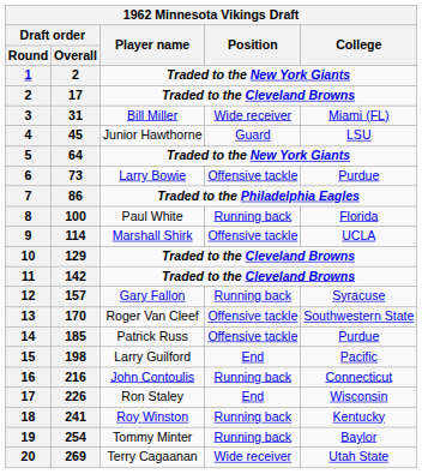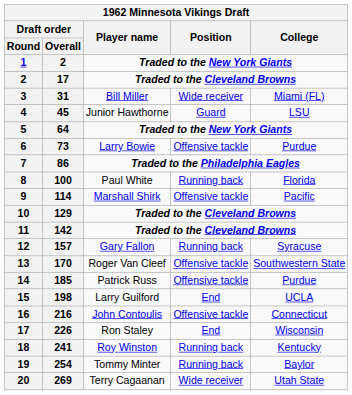 <table class="wikitable" style="text-align:center">
 <tr>
 <th colspan="5">1962 Minnesota Vikings Draft</th>
 </tr>
 <tr>
 <th colspan="2">Draft order</th>
 <th rowspan="2">Player name</th>
 <th rowspan="2">Position</th>
 <th rowspan="2">College</th>
 </tr>
 <tr>
 <th>Round</th>
 <th>Overall</th>
 </tr>
 <tr>
 <th><a href='#'>1</a></th>
 <th>2</th>
 <td colspan="3"><strong><em>Traded to the <a href='#'>New York Giants</a></em></strong></td>
 </tr>
 <tr>
 <th>2</th>
 <th>17</th>
 <td colspan="3"><strong><em>Traded to the <a href='#'>Cleveland Browns</a></em></strong></td>
 </tr>
 <tr>
 <th>3</th>
 <th>31</th>
 <td><a href='#'>Bill Miller</a></td>
 <td><a href='#'>Wide receiver</a></td>
 <td><a href='#'>Miami (FL)</a></td>
 </tr>
 <tr>
 <th>4</th>
 <th>45</th>
 <td>Junior Hawthorne</td>
 <td><a href='#'>Guard</a></td>
 <td><a href='#'>LSU</a></td>
 </tr>
 <tr>
 <th>5</th>
 <th>64</th>
 <td colspan="3"><strong><em>Traded to the <a href='#'>New York Giants</a></em></strong></td>
 </tr>
 <tr>
 <th>6</th>
 <th>73</th>
 <td><a href='#'>Larry Bowie</a></td>
 <td><a href='#'>Offensive tackle</a></td>
 <td><a href='#'>Purdue</a></td>
 </tr>
 <tr>
 <th>7</th>
 <th>86</th>
 <td colspan="3"><strong><em>Traded to the <a href='#'>Philadelphia Eagles</a></em></strong></td>
 </tr>
 <tr>
 <th>8</th>
 <th>100</th>
 <td>Paul White</td>
 <td><a href='#'>Running back</a></td>
 <td><a href='#'>Florida</a></td>
 </tr>
 <tr>
 <th>9</th>
 <th>114</th>
 <td><a href='#'>Marshall Shirk</a></td>
 <td><a href='#'>Offensive tackle</a></td>
-<td><a href='#'>UCLA</a></td>
+<td><a href='#'>Pacific</a></td>
 </tr>
 <tr>
 <th>10</th>
 <th>129</th>
 <td colspan="3"><strong><em>Traded to the <a href='#'>Cleveland Browns</a></em></strong></td>
 </tr>
 <tr>
 <th>11</th>
 <th>142</th>
 <td colspan="3"><strong><em>Traded to the <a href='#'>Cleveland Browns</a></em></strong></td>
 </tr>
 <tr>
 <th>12</th>
 <th>157</th>
 <td><a href='#'>Gary Fallon</a></td>
 <td><a href='#'>Running back</a></td>
 <td><a href='#'>Syracuse</a></td>
 </tr>
 <tr>
 <th>13</th>
 <th>170</th>
 <td>Roger Van Cleef</td>
 <td><a href='#'>Offensive tackle</a></td>
 <td><a href='#'>Southwestern State</a></td>
 </tr>
 <tr>
 <th>14</th>
 <th>185</th>
 <td>Patrick Russ</td>
 <td><a href='#'>Offensive tackle</a></td>
 <td><a href='#'>Purdue</a></td>
 </tr>
 <tr>
 <th>15</th>
 <th>198</th>
 <td>Larry Guilford</td>
 <td><a href='#'>End</a></td>
-<td><a href='#'>Pacific</a></td>
+<td><a href='#'>UCLA</a></td>
 </tr>
 <tr>
 <th>16</th>
 <th>216</th>
 <td><a href='#'>John Contoulis</a></td>
-<td><a href='#'>Running back</a></td>
+<td><a href='#'>Offensive tackle</a></td>
 <td><a href='#'>Connecticut</a></td>
 </tr>
 <tr>
 <th>17</th>
 <th>226</th>
 <td>Ron Staley</td>
 <td><a href='#'>End</a></td>
 <td><a href='#'>Wisconsin</a></td>
 </tr>
 <tr>
 <th>18</th>
 <th>241</th>
 <td><a href='#'>Roy Winston</a></td>
 <td><a href='#'>Running back</a></td>
 <td><a href='#'>Kentucky</a></td>
 </tr>
 <tr>
 <th>19</th>
 <th>254</th>
 <td>Tommy Minter</td>
 <td><a href='#'>Running back</a></td>
 <td><a href='#'>Baylor</a></td>
 </tr>
 <tr>
 <th>20</th>
 <th>269</th>
 <td>Terry Cagaanan</td>
 <td><a href='#'>Wide receiver</a></td>
 <td><a href='#'>Utah State</a></td>
 </tr>
 </table>
